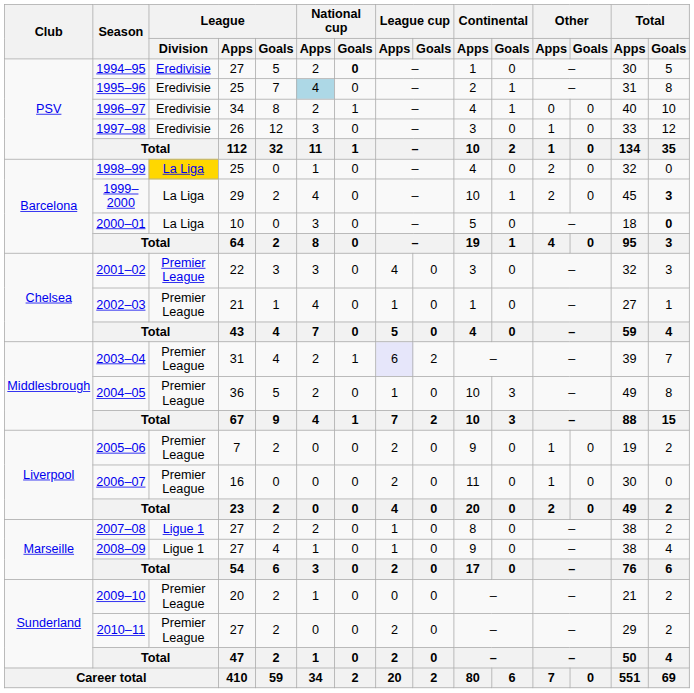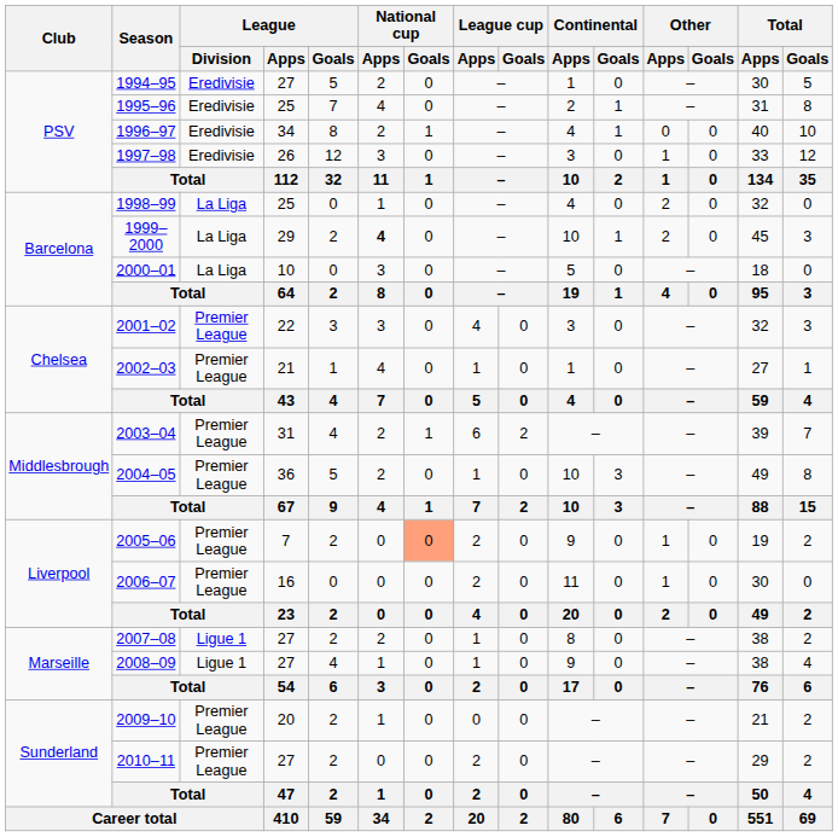 <table class="wikitable" style="text-align:center">
 <tr>
 <th rowspan="2">Club</th>
 <th rowspan="2">Season</th>
 <th colspan="3">League</th>
 <th colspan="2">National cup</th>
 <th colspan="2">League cup</th>
 <th colspan="2">Continental</th>
 <th colspan="2">Other</th>
 <th colspan="2">Total</th>
 </tr>
 <tr>
 <th>Division</th>
 <th>Apps</th>
 <th>Goals</th>
 <th>Apps</th>
 <th>Goals</th>
 <th>Apps</th>
 <th>Goals</th>
 <th>Apps</th>
 <th>Goals</th>
 <th>Apps</th>
 <th>Goals</th>
 <th>Apps</th>
 <th>Goals</th>
 </tr>
 <tr>
 <td rowspan="5"><a href='#'>PSV</a></td>
 <td><a href='#'>1994–95</a></td>
 <td><a href='#'>Eredivisie</a></td>
 <td>27</td>
 <td>5</td>
 <td>2</td>
-<td><strong>0</strong></td>
+<td>0</td>
 <td colspan="2">–</td>
 <td>1</td>
 <td>0</td>
 <td colspan="2">–</td>
 <td>30</td>
 <td>5</td>
 </tr>
 <tr>
 <td><a href='#'>1995–96</a></td>
 <td>Eredivisie</td>
 <td>25</td>
 <td>7</td>
-<td style="background: lightblue;">4</td>
+<td>4</td>
 <td>0</td>
 <td colspan="2">–</td>
 <td>2</td>
 <td>1</td>
 <td colspan="2">–</td>
 <td>31</td>
 <td>8</td>
 </tr>
 <tr>
 <td><a href='#'>1996–97</a></td>
 <td>Eredivisie</td>
 <td>34</td>
 <td>8</td>
 <td>2</td>
 <td>1</td>
 <td colspan="2">–</td>
 <td>4</td>
 <td>1</td>
 <td>0</td>
 <td>0</td>
 <td>40</td>
 <td>10</td>
 </tr>
 <tr>
 <td><a href='#'>1997–98</a></td>
 <td>Eredivisie</td>
 <td>26</td>
 <td>12</td>
 <td>3</td>
 <td>0</td>
 <td colspan="2">–</td>
 <td>3</td>
 <td>0</td>
 <td>1</td>
 <td>0</td>
 <td>33</td>
 <td>12</td>
 </tr>
 <tr>
 <th colspan="2">Total</th>
 <th>112</th>
 <th>32</th>
 <th>11</th>
 <th>1</th>
 <th colspan="2">–</th>
 <th>10</th>
 <th>2</th>
 <th>1</th>
 <th>0</th>
 <th>134</th>
 <th>35</th>
 </tr>
 <tr>
 <td rowspan="4"><a href='#'>Barcelona</a></td>
 <td><a href='#'>1998–99</a></td>
-<td style="background: gold;"><a href='#'>La Liga</a></td>
+<td><a href='#'>La Liga</a></td>
 <td>25</td>
 <td>0</td>
 <td>1</td>
 <td>0</td>
 <td colspan="2">–</td>
 <td>4</td>
 <td>0</td>
 <td>2</td>
 <td>0</td>
 <td>32</td>
 <td>0</td>
 </tr>
 <tr>
 <td><a href='#'>1999–2000</a></td>
 <td>La Liga</td>
 <td>29</td>
 <td>2</td>
-<td>4</td>
+<td><strong>4</strong></td>
 <td>0</td>
 <td colspan="2">–</td>
 <td>10</td>
 <td>1</td>
 <td>2</td>
 <td>0</td>
 <td>45</td>
-<td><strong>3</strong></td>
+<td>3</td>
 </tr>
 <tr>
 <td><a href='#'>2000–01</a></td>
 <td>La Liga</td>
 <td>10</td>
 <td>0</td>
 <td>3</td>
 <td>0</td>
 <td colspan="2">–</td>
 <td>5</td>
 <td>0</td>
 <td colspan="2">–</td>
 <td>18</td>
-<td><strong>0</strong></td>
+<td>0</td>
 </tr>
 <tr>
 <th colspan="2">Total</th>
 <th>64</th>
 <th>2</th>
 <th>8</th>
 <th>0</th>
 <th colspan="2">–</th>
 <th>19</th>
 <th>1</th>
 <th>4</th>
 <th>0</th>
 <th>95</th>
 <th>3</th>
 </tr>
 <tr>
 <td rowspan="3"><a href='#'>Chelsea</a></td>
 <td><a href='#'>2001–02</a></td>
 <td><a href='#'>Premier League</a></td>
 <td>22</td>
 <td>3</td>
 <td>3</td>
 <td>0</td>
 <td>4</td>
 <td>0</td>
 <td>3</td>
 <td>0</td>
 <td colspan="2">–</td>
 <td>32</td>
 <td>3</td>
 </tr>
 <tr>
 <td><a href='#'>2002–03</a></td>
 <td>Premier League</td>
 <td>21</td>
 <td>1</td>
 <td>4</td>
 <td>0</td>
 <td>1</td>
 <td>0</td>
 <td>1</td>
 <td>0</td>
 <td colspan="2">–</td>
 <td>27</td>
 <td>1</td>
 </tr>
 <tr>
 <th colspan="2">Total</th>
 <th>43</th>
 <th>4</th>
 <th>7</th>
 <th>0</th>
 <th>5</th>
 <th>0</th>
 <th>4</th>
 <th>0</th>
 <th colspan="2">–</th>
 <th>59</th>
 <th>4</th>
 </tr>
 <tr>
 <td rowspan="3"><a href='#'>Middlesbrough</a></td>
 <td><a href='#'>2003–04</a></td>
 <td>Premier League</td>
 <td>31</td>
 <td>4</td>
 <td>2</td>
 <td>1</td>
-<td style="background: lavender;">6</td>
+<td>6</td>
 <td>2</td>
 <td colspan="2">–</td>
 <td colspan="2">–</td>
 <td>39</td>
 <td>7</td>
 </tr>
 <tr>
 <td><a href='#'>2004–05</a></td>
 <td>Premier League</td>
 <td>36</td>
 <td>5</td>
 <td>2</td>
 <td>0</td>
 <td>1</td>
 <td>0</td>
 <td>10</td>
 <td>3</td>
 <td colspan="2">–</td>
 <td>49</td>
 <td>8</td>
 </tr>
 <tr>
 <th colspan="2">Total</th>
 <th>67</th>
 <th>9</th>
 <th>4</th>
 <th>1</th>
 <th>7</th>
 <th>2</th>
 <th>10</th>
 <th>3</th>
 <th colspan="2">–</th>
 <th>88</th>
 <th>15</th>
 </tr>
 <tr>
 <td rowspan="3"><a href='#'>Liverpool</a></td>
 <td><a href='#'>2005–06</a></td>
 <td>Premier League</td>
 <td>7</td>
 <td>2</td>
 <td>0</td>
-<td>0</td>
+<td style="background: lightsalmon;">0</td>
 <td>2</td>
 <td>0</td>
 <td>9</td>
 <td>0</td>
 <td>1</td>
 <td>0</td>
 <td>19</td>
 <td>2</td>
 </tr>
 <tr>
 <td><a href='#'>2006–07</a></td>
 <td>Premier League</td>
 <td>16</td>
 <td>0</td>
 <td>0</td>
 <td>0</td>
 <td>2</td>
 <td>0</td>
 <td>11</td>
 <td>0</td>
 <td>1</td>
 <td>0</td>
 <td>30</td>
 <td>0</td>
 </tr>
 <tr>
 <th colspan="2">Total</th>
 <th>23</th>
 <th>2</th>
 <th>0</th>
 <th>0</th>
 <th>4</th>
 <th>0</th>
 <th>20</th>
 <th>0</th>
 <th>2</th>
 <th>0</th>
 <th>49</th>
 <th>2</th>
 </tr>
 <tr>
 <td rowspan="3"><a href='#'>Marseille</a></td>
 <td><a href='#'>2007–08</a></td>
 <td><a href='#'>Ligue 1</a></td>
 <td>27</td>
 <td>2</td>
 <td>2</td>
 <td>0</td>
 <td>1</td>
 <td>0</td>
 <td>8</td>
 <td>0</td>
 <td colspan="2">–</td>
 <td>38</td>
 <td>2</td>
 </tr>
 <tr>
 <td><a href='#'>2008–09</a></td>
 <td>Ligue 1</td>
 <td>27</td>
 <td>4</td>
 <td>1</td>
 <td>0</td>
 <td>1</td>
 <td>0</td>
 <td>9</td>
 <td>0</td>
 <td colspan="2">–</td>
 <td>38</td>
 <td>4</td>
 </tr>
 <tr>
 <th colspan="2">Total</th>
 <th>54</th>
 <th>6</th>
 <th>3</th>
 <th>0</th>
 <th>2</th>
 <th>0</th>
 <th>17</th>
 <th>0</th>
 <th colspan="2">–</th>
 <th>76</th>
 <th>6</th>
 </tr>
 <tr>
 <td rowspan="3"><a href='#'>Sunderland</a></td>
 <td><a href='#'>2009–10</a></td>
 <td>Premier League</td>
 <td>20</td>
 <td>2</td>
 <td>1</td>
 <td>0</td>
 <td>0</td>
 <td>0</td>
 <td colspan="2">–</td>
 <td colspan="2">–</td>
 <td>21</td>
 <td>2</td>
 </tr>
 <tr>
 <td><a href='#'>2010–11</a></td>
 <td>Premier League</td>
 <td>27</td>
 <td>2</td>
 <td>0</td>
 <td>0</td>
 <td>2</td>
 <td>0</td>
 <td colspan="2">–</td>
 <td colspan="2">–</td>
 <td>29</td>
 <td>2</td>
 </tr>
 <tr>
 <th colspan="2">Total</th>
 <th>47</th>
 <th>2</th>
 <th>1</th>
 <th>0</th>
 <th>2</th>
 <th>0</th>
 <th colspan="2">–</th>
 <th colspan="2">–</th>
 <th>50</th>
 <th>4</th>
 </tr>
 <tr>
 <th colspan="3">Career total</th>
 <th>410</th>
 <th>59</th>
 <th>34</th>
 <th>2</th>
 <th>20</th>
 <th>2</th>
 <th>80</th>
 <th>6</th>
 <th>7</th>
 <th>0</th>
 <th>551</th>
 <th>69</th>
 </tr>
 </table>
